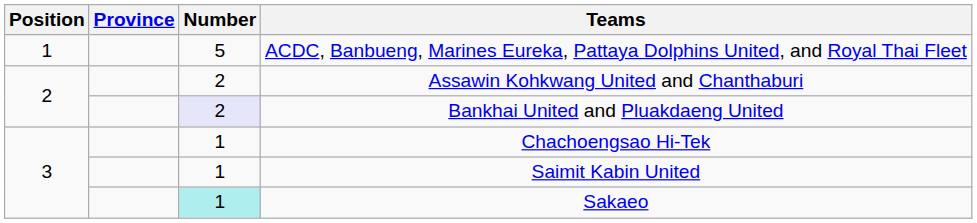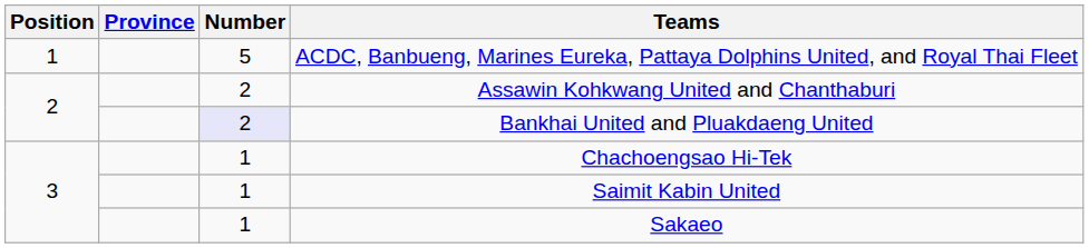 <table class="wikitable">
 <tr>
 <th>Position</th>
 <th><a href='#'>Province</a></th>
 <th>Number</th>
 <th>Teams</th>
 </tr>
 <tr>
 <td align=center>1</td>
 <td></td>
 <td align=center>5</td>
 <td align=center><a href='#'>ACDC</a>, <a href='#'>Banbueng</a>, <a href='#'>Marines Eureka</a>, <a href='#'>Pattaya Dolphins United</a>, and <a href='#'>Royal Thai Fleet</a></td>
 </tr>
 <tr>
 <td align=center rowspan="2">2</td>
 <td></td>
 <td align=center>2</td>
 <td align=center><a href='#'>Assawin Kohkwang United</a> and <a href='#'>Chanthaburi</a></td>
 </tr>
 <tr>
 <td></td>
 <td align=center style="background: lavender;">2</td>
 <td align=center><a href='#'>Bankhai United</a> and <a href='#'>Pluakdaeng United</a></td>
 </tr>
 <tr>
 <td align=center rowspan="3">3</td>
 <td></td>
 <td align=center>1</td>
 <td align=center><a href='#'>Chachoengsao Hi-Tek</a></td>
 </tr>
 <tr>
 <td></td>
 <td align=center>1</td>
 <td align=center><a href='#'>Saimit Kabin United</a></td>
 </tr>
 <tr>
 <td></td>
-<td align=center style="background: paleturquoise;">1</td>
+<td align=center>1</td>
 <td align=center><a href='#'>Sakaeo</a></td>
 </tr>
 </table>
